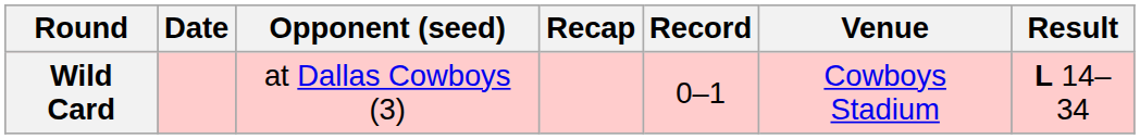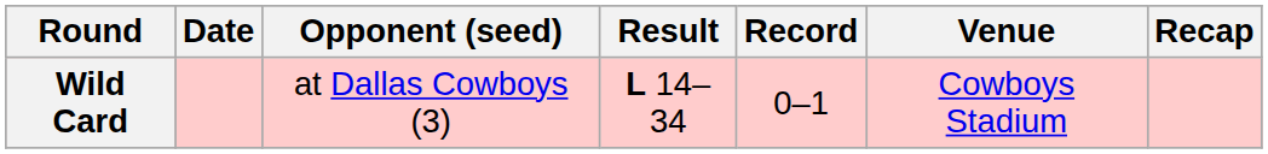 <table class="wikitable" style="text-align:center">
 <tr>
 <th>Round</th>
 <th>Date</th>
 <th>Opponent (seed)</th>
-<th>Recap</th>
+<th>Result</th>
 <th>Record</th>
 <th>Venue</th>
-<th>Result</th>
+<th>Recap</th>
 </tr>
 <tr style="background:#fcc">
 <th>Wild Card</th>
 <td></td>
 <td>at <a href='#'>Dallas Cowboys</a> (3)</td>
-<td></td>
+<td><strong>L</strong> 14–34</td>
 <td>0–1</td>
 <td><a href='#'>Cowboys Stadium</a></td>
-<td><strong>L</strong> 14–34</td>
+<td></td>
 </tr>
 </table>
